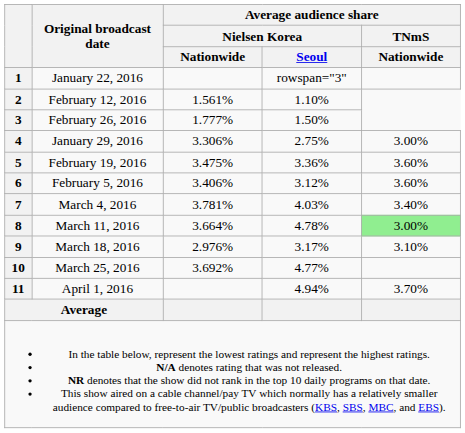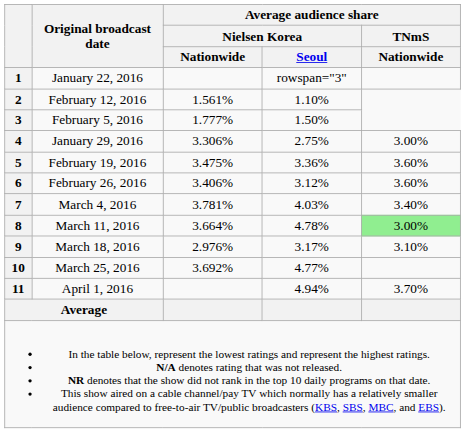 <table class="wikitable" style="text-align:center; max-width:550px; margin-left: auto; margin-right: auto; border: none">
 <tr>
 <th scope="col" rowspan="3"></th>
 <th scope="col" rowspan="3">Original broadcast date</th>
 <th scope="col" colspan="4">Average audience share</th>
 </tr>
 <tr>
 <th scope="col" colspan="2">Nielsen Korea</th>
 <th scope="col">TNmS</th>
 </tr>
 <tr>
 <th scope="col" style="width:7em">Nationwide</th>
 <th scope="col" style="width:7em"><a href='#'>Seoul</a></th>
 <th scope="col" style="width:7em">Nationwide</th>
 </tr>
 <tr>
 <th scope="row">1</th>
 <td>January 22, 2016</td>
 <td> </td>
 <td>rowspan="3" </td>
 <td></td>
 </tr>
 <tr>
 <th scope="row">2</th>
 <td>February 12, 2016</td>
 <td>1.561% </td>
 <td>1.10%</td>
 </tr>
 <tr>
 <th scope="row">3</th>
-<td>February 26, 2016</td>
+<td>February 5, 2016</td>
 <td>1.777% </td>
 <td>1.50%</td>
 </tr>
 <tr>
 <th scope="row">4</th>
 <td>January 29, 2016</td>
 <td>3.306% </td>
 <td>2.75%</td>
 <td>3.00%</td>
 </tr>
 <tr>
 <th scope="row">5</th>
 <td>February 19, 2016</td>
 <td>3.475% </td>
 <td>3.36%</td>
 <td>3.60%</td>
 </tr>
 <tr>
 <th scope="row">6</th>
-<td>February 5, 2016</td>
+<td>February 26, 2016</td>
 <td>3.406% </td>
 <td>3.12%</td>
 <td>3.60%</td>
 </tr>
 <tr>
 <th scope="row">7</th>
 <td>March 4, 2016</td>
 <td>3.781% </td>
 <td>4.03%</td>
 <td>3.40%</td>
 </tr>
 <tr>
 <th scope="row">8</th>
 <td>March 11, 2016</td>
 <td>3.664% </td>
 <td>4.78%</td>
 <td style="background: lightgreen;">3.00%</td>
 </tr>
 <tr>
 <th scope="row">9</th>
 <td>March 18, 2016</td>
 <td>2.976% </td>
 <td>3.17%</td>
 <td>3.10%</td>
 </tr>
 <tr>
 <th scope="row">10</th>
 <td>March 25, 2016</td>
 <td>3.692% </td>
 <td>4.77%</td>
 <td></td>
 </tr>
 <tr>
 <th scope="row">11</th>
 <td>April 1, 2016</td>
 <td> </td>
 <td>4.94%</td>
 <td>3.70%</td>
 </tr>
 <tr>
 <th scope="row" colspan="2">Average</th>
 <th scope="row"></th>
 <th scope="row"></th>
 <th scope="row"></th>
 </tr>
 <tr>
 <td colspan="5" style="font-size:85%"><br><ul><li>In the table below,  represent the lowest ratings and  represent the highest ratings.</li><li><strong>N/A</strong> denotes rating that was not released.</li><li><strong>NR</strong> denotes that the show did not rank in the top 10 daily programs on that date.</li><li>This show aired on a cable channel/pay TV which normally has a relatively smaller audience compared to free-to-air TV/public broadcasters (<a href='#'>KBS</a>, <a href='#'>SBS</a>, <a href='#'>MBC</a>, and <a href='#'>EBS</a>).</li></ul></td>
 </tr>
 </table>
